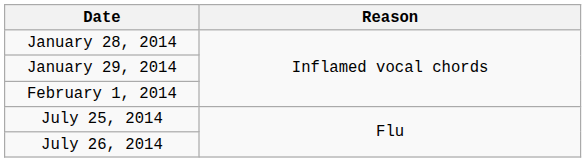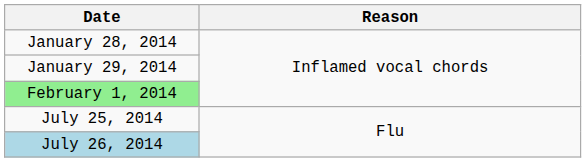 <table class="wikitable" style="text-align:center;">
 <tr>
 <th scope="col" style="width:12em;">Date</th>
 <th scope="col" style="width:24em;">Reason</th>
 </tr>
 <tr>
 <td>January 28, 2014</td>
 <td rowspan="3">Inflamed vocal chords</td>
 </tr>
 <tr>
 <td>January 29, 2014</td>
 </tr>
 <tr>
-<td>February 1, 2014</td>
+<td style="background: lightgreen;">February 1, 2014</td>
 </tr>
 <tr>
 <td>July 25, 2014</td>
 <td rowspan="2">Flu</td>
 </tr>
 <tr>
-<td>July 26, 2014</td>
+<td style="background: lightblue;">July 26, 2014</td>
 </tr>
 </table>
